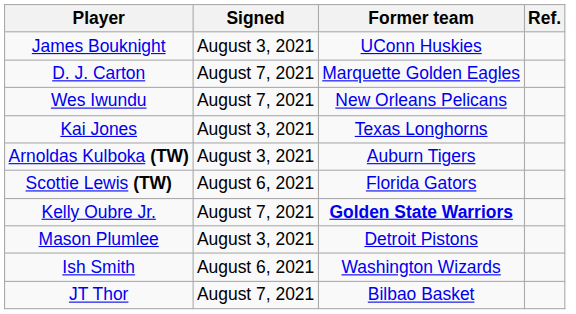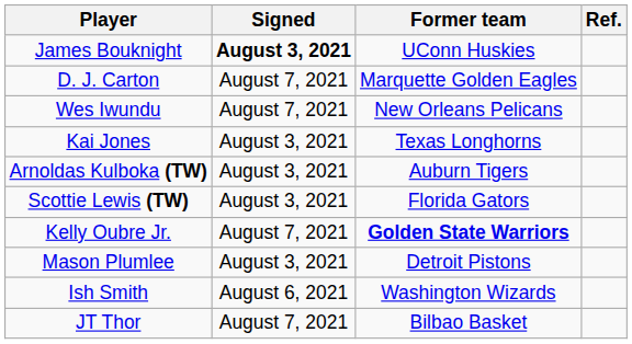 <table class="wikitable sortable sortable" style="text-align: center">
 <tr>
 <th>Player</th>
 <th>Signed</th>
 <th>Former team</th>
 <th>Ref.</th>
 </tr>
 <tr>
 <td><a href='#'>James Bouknight</a></td>
-<td>August 3, 2021</td>
+<td><strong>August 3, 2021</strong></td>
 <td><a href='#'>UConn Huskies</a></td>
 <td></td>
 </tr>
 <tr>
 <td><a href='#'>D. J. Carton</a></td>
 <td>August 7, 2021</td>
 <td><a href='#'>Marquette Golden Eagles</a></td>
 <td></td>
 </tr>
 <tr>
 <td><a href='#'>Wes Iwundu</a></td>
 <td>August 7, 2021</td>
 <td><a href='#'>New Orleans Pelicans</a></td>
 <td></td>
 </tr>
 <tr>
 <td><a href='#'>Kai Jones</a></td>
 <td>August 3, 2021</td>
 <td><a href='#'>Texas Longhorns</a></td>
 <td></td>
 </tr>
 <tr>
 <td><a href='#'>Arnoldas Kulboka</a> <strong>(TW)</strong></td>
 <td>August 3, 2021</td>
 <td><a href='#'>Auburn Tigers</a></td>
 <td></td>
 </tr>
 <tr>
 <td><a href='#'>Scottie Lewis</a> <strong>(TW)</strong></td>
-<td>August 6, 2021</td>
+<td>August 3, 2021</td>
 <td><a href='#'>Florida Gators</a></td>
 <td></td>
 </tr>
 <tr>
 <td><a href='#'>Kelly Oubre Jr.</a></td>
 <td>August 7, 2021</td>
 <td><strong><a href='#'>Golden State Warriors</a></strong></td>
 <td></td>
 </tr>
 <tr>
 <td><a href='#'>Mason Plumlee</a></td>
 <td>August 3, 2021</td>
 <td><a href='#'>Detroit Pistons</a></td>
 <td></td>
 </tr>
 <tr>
 <td><a href='#'>Ish Smith</a></td>
 <td>August 6, 2021</td>
 <td><a href='#'>Washington Wizards</a></td>
 <td></td>
 </tr>
 <tr>
 <td><a href='#'>JT Thor</a></td>
 <td>August 7, 2021</td>
 <td><a href='#'>Bilbao Basket</a></td>
 <td></td>
 </tr>
 </table>
